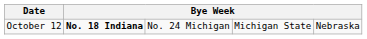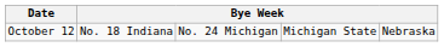 <table class="wikitable" style="font-size:95%;">
 <tr>
 <th>Date</th>
 <th colspan="4">Bye Week</th>
 </tr>
 <tr>
 <td>October 12</td>
-<td><strong>No. 18 Indiana</strong></td>
+<td>No. 18 Indiana</td>
 <td>No. 24 Michigan</td>
 <td>Michigan State</td>
 <td>Nebraska</td>
 </tr>
 </table>
